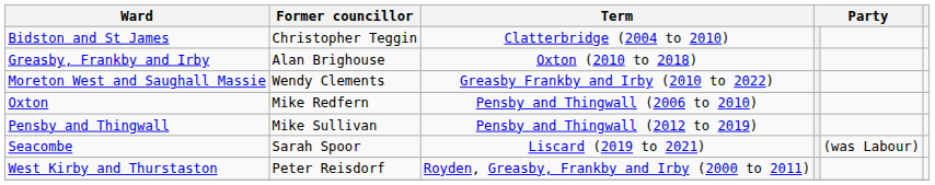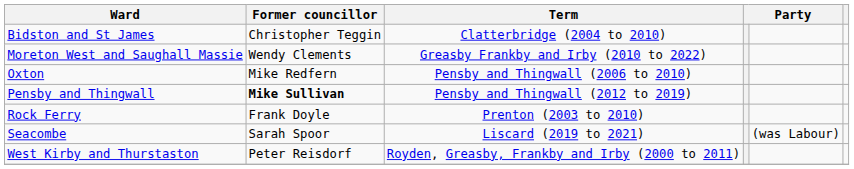 <table class="wikitable sortable">
 <tr>
 <th>Ward</th>
 <th>Former councillor</th>
 <th>Term</th>
 <th colspan="2">Party</th>
 <th></th>
 </tr>
 <tr>
 <td align="left"><a href='#'>Bidston and St James</a></td>
 <td align="left">Christopher Teggin</td>
 <td align="center"><a href='#'>Clatterbridge</a> (<a href='#'>2004</a> to <a href='#'>2010</a>)</td>
-<th style="background-color: "></th>
-<td><a href='#'></a></td>
-<td align = center></td>
-</tr>
-<tr>
-<td align="left"><a href='#'>Greasby, Frankby and Irby</a></td>
-<td align="left">Alan Brighouse</td>
-<td align="center"><a href='#'>Oxton</a> (<a href='#'>2010</a> to <a href='#'>2018</a>)</td>
 <th style="background-color: "></th>
 <td><a href='#'></a></td>
 <td align = center></td>
 </tr>
 <tr>
 <td align="left"><a href='#'>Moreton West and Saughall Massie</a></td>
 <td align="left">Wendy Clements</td>
 <td align="center"><a href='#'>Greasby Frankby and Irby</a> (<a href='#'>2010</a> to <a href='#'>2022</a>)</td>
 <th style="background-color: "></th>
 <td><a href='#'></a></td>
 <td align = center></td>
 </tr>
 <tr>
 <td align="left"><a href='#'>Oxton</a></td>
 <td align="left">Mike Redfern</td>
 <td align="center"><a href='#'>Pensby and Thingwall</a> (<a href='#'>2006</a> to <a href='#'>2010</a>)</td>
 <th style="background-color: "></th>
 <td><a href='#'></a></td>
 <td align = center></td>
 </tr>
 <tr>
 <td align="left"><a href='#'>Pensby and Thingwall</a></td>
-<td align="left">Mike Sullivan</td>
+<td align="left"><strong>Mike Sullivan</strong></td>
 <td align="center"><a href='#'>Pensby and Thingwall</a> (<a href='#'>2012</a> to <a href='#'>2019</a>)</td>
+<th style="background-color: "></th>
+<td><a href='#'></a></td>
+<td align = center></td>
+</tr>
+<tr>
+<td align="left"><a href='#'>Rock Ferry</a></td>
+<td align="left">Frank Doyle</td>
+<td align="center"><a href='#'>Prenton</a> (<a href='#'>2003</a> to <a href='#'>2010</a>)</td>
 <th style="background-color: "></th>
 <td><a href='#'></a></td>
 <td align = center></td>
 </tr>
 <tr>
 <td align="left"><a href='#'>Seacombe</a></td>
 <td align="left">Sarah Spoor</td>
 <td align="center"><a href='#'>Liscard</a> (<a href='#'>2019</a> to <a href='#'>2021</a>)</td>
 <th style="background-color: "></th>
 <td><a href='#'></a> (was Labour)</td>
 <td align = center></td>
 </tr>
 <tr>
 <td align="left"><a href='#'>West Kirby and Thurstaston</a></td>
 <td align="left">Peter Reisdorf</td>
 <td align="center"><a href='#'>Royden</a>, <a href='#'>Greasby, Frankby and Irby</a> (<a href='#'>2000</a> to <a href='#'>2011</a>)</td>
 <th style="background-color: "></th>
 <td><a href='#'></a></td>
 <td align = center></td>
 </tr>
 <tr>
 </tr>
 </table>
